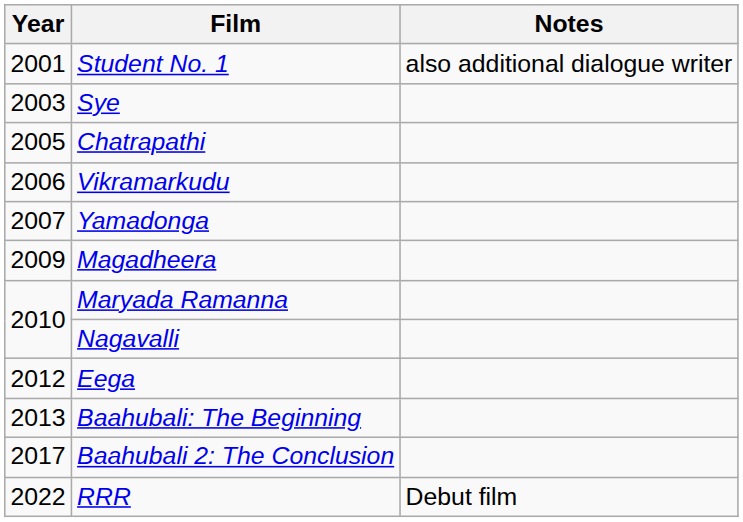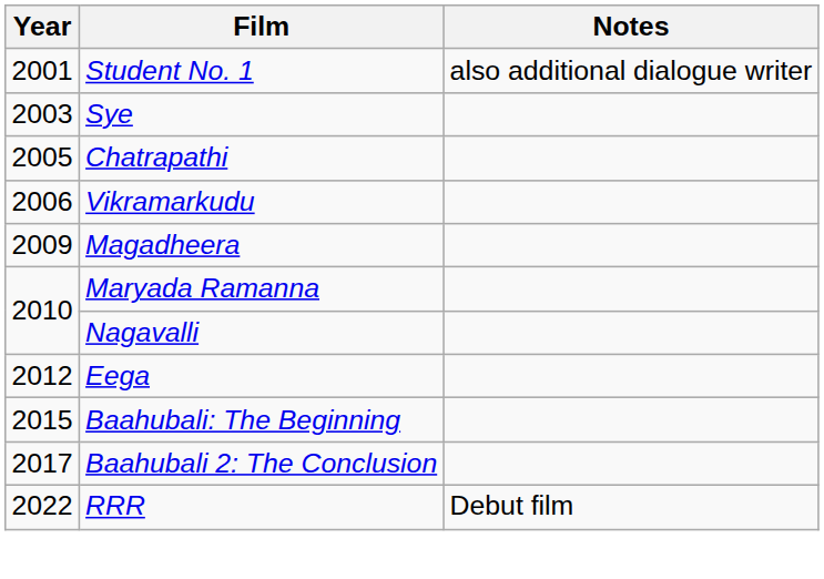 <table class="wikitable sortable">
 <tr>
 <th scope="col">Year</th>
 <th scope="col">Film</th>
 <th class="unsortable" scope="col">Notes</th>
 </tr>
 <tr>
 <td>2001</td>
 <td><em><a href='#'>Student No. 1</a></em></td>
 <td>also additional dialogue writer<br>   </td>
 </tr>
 <tr>
 <td>2003</td>
 <td><em><a href='#'>Sye</a></em></td>
 <td></td>
 </tr>
 <tr>
 <td>2005</td>
 <td><em><a href='#'>Chatrapathi</a></em></td>
 <td></td>
 </tr>
 <tr>
 <td>2006</td>
 <td><em><a href='#'>Vikramarkudu</a></em></td>
 <td></td>
 </tr>
 <tr>
-<td>2007</td>
-<td><em><a href='#'>Yamadonga</a></em></td>
-<td></td>
-</tr>
-<tr>
 <td>2009</td>
 <td><em><a href='#'>Magadheera</a></em></td>
 <td></td>
 </tr>
 <tr>
 <td rowspan="2">2010</td>
 <td><em><a href='#'>Maryada Ramanna</a></em></td>
 <td></td>
 </tr>
 <tr>
 <td><a href='#'><em>Nagavalli</em></a></td>
 <td></td>
 </tr>
 <tr>
 <td>2012</td>
 <td><em><a href='#'>Eega</a></em></td>
 <td></td>
 </tr>
 <tr>
-<td>2013</td>
+<td>2015</td>
 <td><em><a href='#'>Baahubali: The Beginning</a></em></td>
 <td></td>
 </tr>
 <tr>
 <td>2017</td>
 <td><em><a href='#'>Baahubali 2: The Conclusion</a></em></td>
 <td></td>
 </tr>
 <tr>
 <td>2022</td>
 <td><em><a href='#'>RRR</a></em></td>
 <td>Debut film</td>
 </tr>
 </table>
